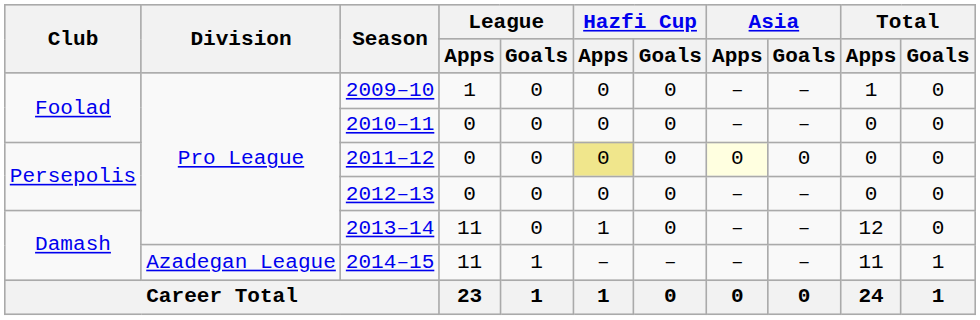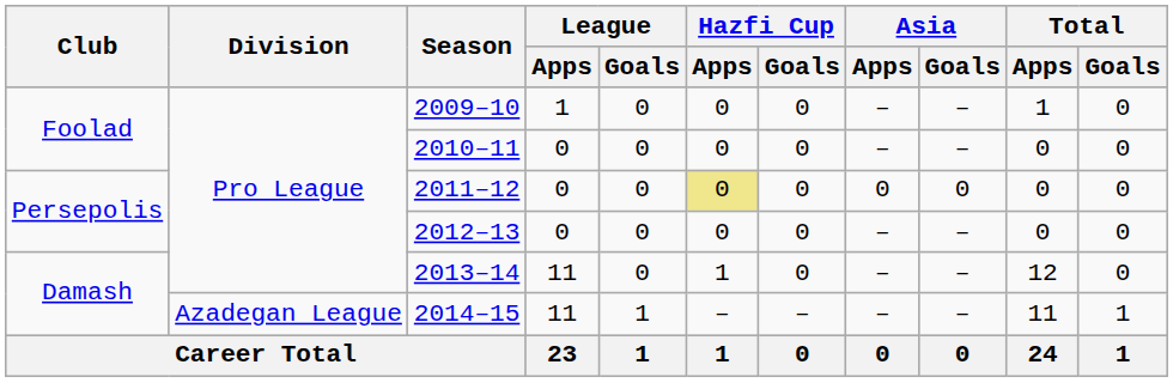 <table class="wikitable" style="text-align: center;">
 <tr>
 <th rowspan="2">Club</th>
 <th rowspan="2">Division</th>
 <th rowspan="2">Season</th>
 <th colspan="2">League</th>
 <th colspan="2"><a href='#'>Hazfi Cup</a></th>
 <th colspan="2"><a href='#'>Asia</a></th>
 <th colspan="2">Total</th>
 </tr>
 <tr>
 <th>Apps</th>
 <th>Goals</th>
 <th>Apps</th>
 <th>Goals</th>
 <th>Apps</th>
 <th>Goals</th>
 <th>Apps</th>
 <th>Goals</th>
 </tr>
 <tr>
 <td rowspan="2"><a href='#'>Foolad</a></td>
 <td rowspan="5"><a href='#'>Pro League</a></td>
 <td><a href='#'>2009–10</a></td>
 <td>1</td>
 <td>0</td>
 <td>0</td>
 <td>0</td>
 <td>–</td>
 <td>–</td>
 <td>1</td>
 <td>0</td>
 </tr>
 <tr>
 <td><a href='#'>2010–11</a></td>
 <td>0</td>
 <td>0</td>
 <td>0</td>
 <td>0</td>
 <td>–</td>
 <td>–</td>
 <td>0</td>
 <td>0</td>
 </tr>
 <tr>
 <td rowspan="2"><a href='#'>Persepolis</a></td>
 <td><a href='#'>2011–12</a></td>
 <td>0</td>
 <td>0</td>
 <td style="background: khaki;">0</td>
 <td>0</td>
-<td style="background: lightyellow;">0</td>
+<td>0</td>
 <td>0</td>
 <td>0</td>
 <td>0</td>
 </tr>
 <tr>
 <td><a href='#'>2012–13</a></td>
 <td>0</td>
 <td>0</td>
 <td>0</td>
 <td>0</td>
 <td>–</td>
 <td>–</td>
 <td>0</td>
 <td>0</td>
 </tr>
 <tr>
 <td rowspan="2"><a href='#'>Damash</a></td>
 <td><a href='#'>2013–14</a></td>
 <td>11</td>
 <td>0</td>
 <td>1</td>
 <td>0</td>
 <td>–</td>
 <td>–</td>
 <td>12</td>
 <td>0</td>
 </tr>
 <tr>
 <td rowspan="1"><a href='#'>Azadegan League</a></td>
 <td><a href='#'>2014–15</a></td>
 <td>11</td>
 <td>1</td>
 <td>–</td>
 <td>–</td>
 <td>–</td>
 <td>–</td>
 <td>11</td>
 <td>1</td>
 </tr>
 <tr>
 <th colspan=3>Career Total</th>
 <th>23</th>
 <th>1</th>
 <th>1</th>
 <th>0</th>
 <th>0</th>
 <th>0</th>
 <th>24</th>
 <th>1</th>
 </tr>
 </table>
